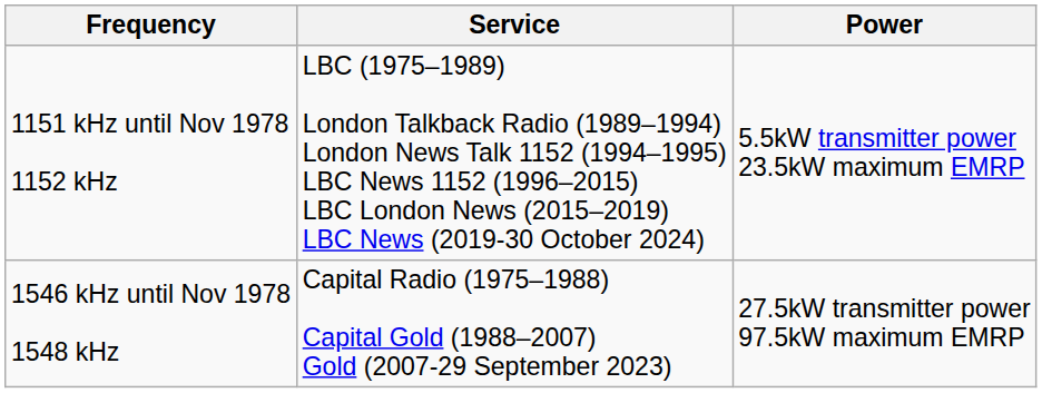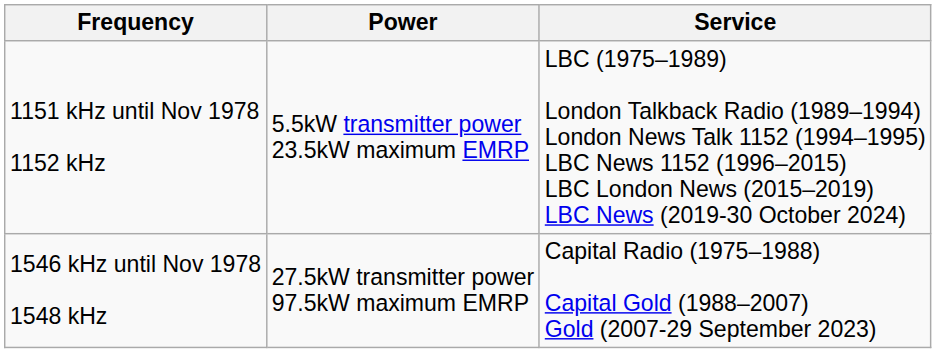 <table class="wikitable sortable">
 <tr>
 <th>Frequency</th>
+<th>Power</th>
 <th>Service</th>
-<th>Power</th>
 </tr>
 <tr>
 <td>1151 kHz until Nov 1978<br><br>1152 kHz</td>
+<td>5.5kW <a href='#'>transmitter power</a><br>23.5kW maximum <a href='#'>EMRP</a></td>
 <td>LBC (1975–1989)<br><br>London Talkback Radio (1989–1994)<br> London News Talk 1152 (1994–1995)<br> LBC News 1152 (1996–2015)<br> LBC London News (2015–2019)<br> <a href='#'>LBC News</a> (2019-30 October 2024)</td>
-<td>5.5kW <a href='#'>transmitter power</a><br>23.5kW maximum <a href='#'>EMRP</a></td>
 </tr>
 <tr>
 <td>1546 kHz until Nov 1978<br><br>1548 kHz </td>
+<td>27.5kW transmitter power<br>97.5kW maximum EMRP</td>
 <td>Capital Radio (1975–1988)<br><br><a href='#'>Capital Gold</a> (1988–2007)<br> <a href='#'>Gold</a> (2007-29 September 2023)</td>
-<td>27.5kW transmitter power<br>97.5kW maximum EMRP</td>
 </tr>
 </table>
